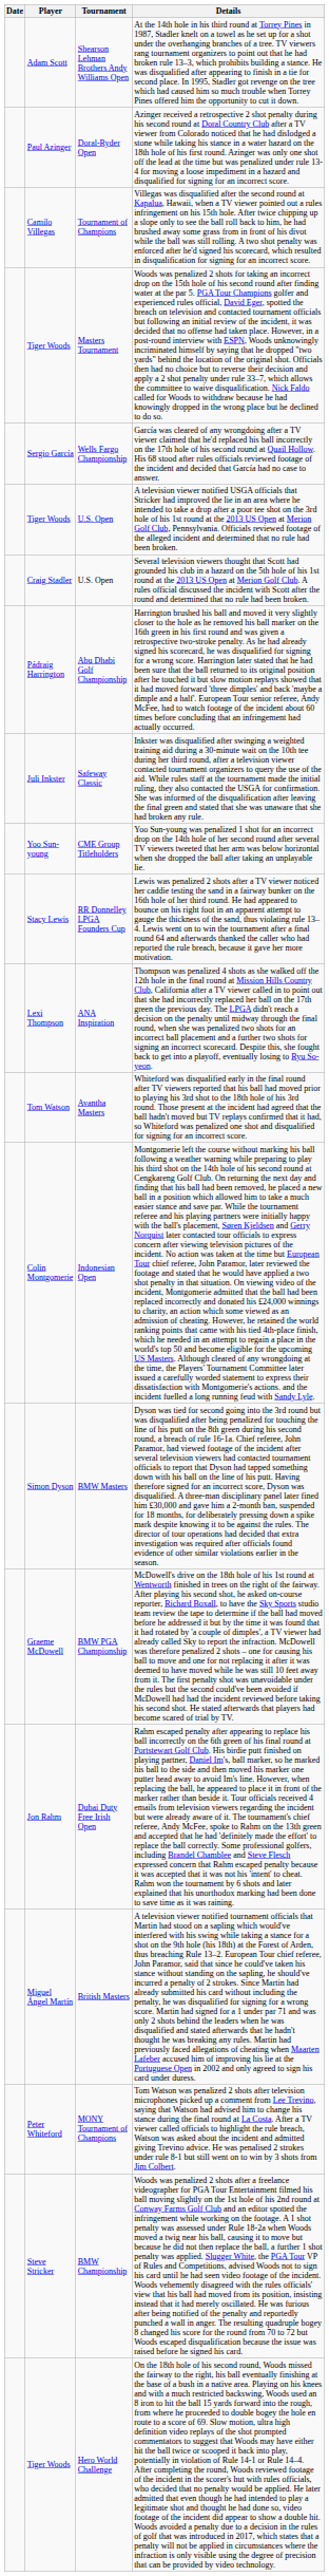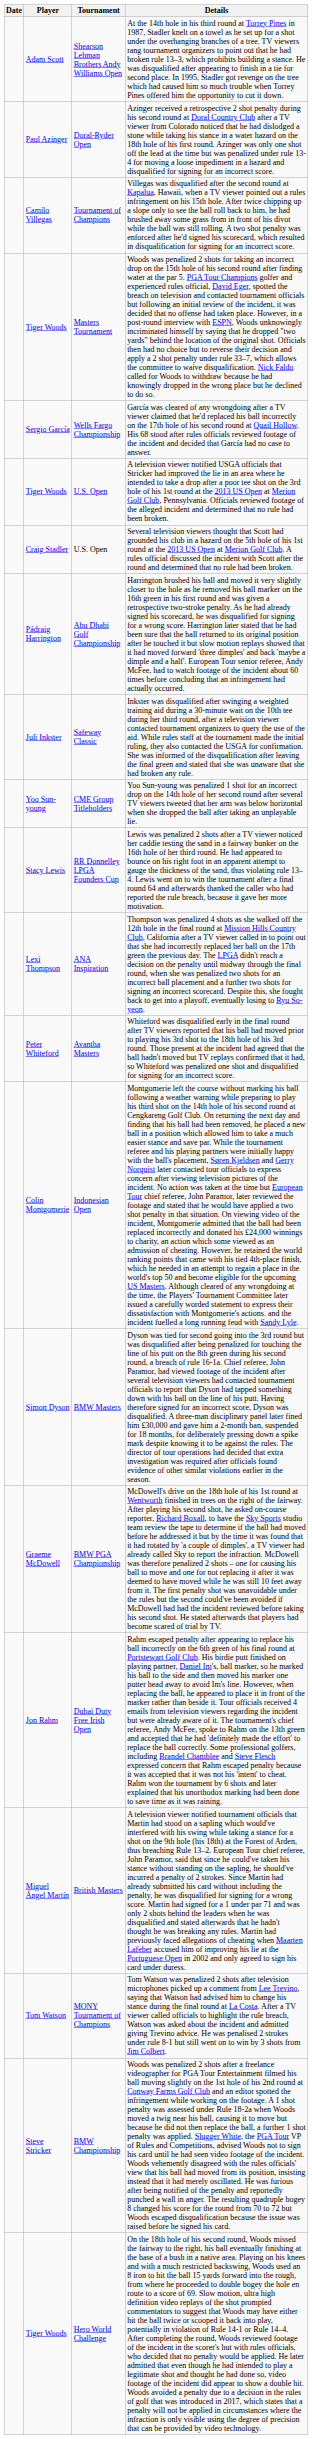 <table class="wikitable sortable">
 <tr>
 <th>Date</th>
 <th>Player</th>
 <th>Tournament</th>
 <th>Details</th>
 </tr>
 <tr>
 <td></td>
 <td><a href='#'>Adam Scott</a></td>
 <td><a href='#'>Shearson Lehman Brothers Andy Williams Open</a></td>
 <td>At the 14th hole in his third round at <a href='#'>Torrey Pines</a> in 1987, Stadler knelt on a towel as he set up for a shot under the overhanging branches of a tree. TV viewers rang tournament organizers to point out that he had broken rule 13–3, which prohibits building a stance. He was disqualified after appearing to finish in a tie for second place. In 1995, Stadler got revenge on the tree which had caused him so much trouble when Torrey Pines offered him the opportunity to cut it down.</td>
 </tr>
 <tr>
 <td></td>
 <td><a href='#'>Paul Azinger</a></td>
 <td><a href='#'>Doral-Ryder Open</a></td>
 <td>Azinger received a retrospective 2 shot penalty during his second round at <a href='#'>Doral Country Club</a> after a TV viewer from Colorado noticed that he had dislodged a stone while taking his stance in a water hazard on the 18th hole of his first round. Azinger was only one shot off the lead at the time but was penalized under rule 13-4 for moving a loose impediment in a hazard and disqualified for signing for an incorrect score.</td>
 </tr>
 <tr>
 <td></td>
 <td><a href='#'>Camilo Villegas</a></td>
 <td><a href='#'>Tournament of Champions</a></td>
 <td>Villegas was disqualified after the second round at <a href='#'>Kapalua</a>, Hawaii, when a TV viewer pointed out a rules infringement on his 15th hole. After twice chipping up a slope only to see the ball roll back to him, he had brushed away some grass from in front of his divot while the ball was still rolling. A two shot penalty was enforced after he'd signed his scorecard, which resulted in disqualification for signing for an incorrect score.</td>
 </tr>
 <tr>
 <td></td>
 <td><a href='#'>Tiger Woods</a></td>
 <td><a href='#'>Masters Tournament</a></td>
 <td>Woods was penalized 2 shots for taking an incorrect drop on the 15th hole of his second round after finding water at the par 5. <a href='#'>PGA Tour Champions</a> golfer and experienced rules official, <a href='#'>David Eger</a>, spotted the breach on television and contacted tournament officials but following an initial review of the incident, it was decided that no offense had taken place. However, in a post-round interview with <a href='#'>ESPN</a>, Woods unknowingly incriminated himself by saying that he dropped "two yards" behind the location of the original shot. Officials then had no choice but to reverse their decision and apply a 2 shot penalty under rule 33–7, which allows the committee to waive disqualification. <a href='#'>Nick Faldo</a> called for Woods to withdraw because he had knowingly dropped in the wrong place but he declined to do so.</td>
 </tr>
 <tr>
 <td></td>
 <td><a href='#'>Sergio García</a></td>
 <td><a href='#'>Wells Fargo Championship</a></td>
 <td>García was cleared of any wrongdoing after a TV viewer claimed that he'd replaced his ball incorrectly on the 17th hole of his second round at <a href='#'>Quail Hollow</a>. His 68 stood after rules officials reviewed footage of the incident and decided that García had no case to answer.</td>
 </tr>
 <tr>
 <td></td>
 <td><a href='#'>Tiger Woods</a></td>
 <td><a href='#'>U.S. Open</a></td>
 <td>A television viewer notified USGA officials that Stricker had improved the lie in an area where he intended to take a drop after a poor tee shot on the 3rd hole of his 1st round at the <a href='#'>2013 US Open</a> at <a href='#'>Merion Golf Club</a>, Pennsylvania. Officials reviewed footage of the alleged incident and determined that no rule had been broken.</td>
 </tr>
 <tr>
 <td></td>
 <td><a href='#'>Craig Stadler</a></td>
 <td>U.S. Open</td>
 <td>Several television viewers thought that Scott had grounded his club in a hazard on the 5th hole of his 1st round at the <a href='#'>2013 US Open</a> at <a href='#'>Merion Golf Club</a>. A rules official discussed the incident with Scott after the round and determined that no rule had been broken.</td>
 </tr>
 <tr>
 <td></td>
 <td><a href='#'>Pádraig Harrington</a></td>
 <td><a href='#'>Abu Dhabi Golf Championship</a></td>
 <td>Harrington brushed his ball and moved it very slightly closer to the hole as he removed his ball marker on the 16th green in his first round and was given a retrospective two-stroke penalty. As he had already signed his scorecard, he was disqualified for signing for a wrong score. Harrington later stated that he had been sure that the ball returned to its original position after he touched it but slow motion replays showed that it had moved forward 'three dimples' and back 'maybe a dimple and a half'. European Tour senior referee, Andy McFee, had to watch footage of the incident about 60 times before concluding that an infringement had actually occurred.</td>
 </tr>
 <tr>
 <td></td>
 <td><a href='#'>Juli Inkster</a></td>
 <td><a href='#'>Safeway Classic</a></td>
 <td>Inkster was disqualified after swinging a weighted training aid during a 30-minute wait on the 10th tee during her third round, after a television viewer contacted tournament organizers to query the use of the aid. While rules staff at the tournament made the initial ruling, they also contacted the USGA for confirmation. She was informed of the disqualification after leaving the final green and stated that she was unaware that she had broken any rule.</td>
 </tr>
 <tr>
 <td></td>
 <td><a href='#'>Yoo Sun-young</a></td>
 <td><a href='#'>CME Group Titleholders</a></td>
 <td>Yoo Sun-young was penalized 1 shot for an incorrect drop on the 14th hole of her second round after several TV viewers tweeted that her arm was below horizontal when she dropped the ball after taking an unplayable lie.</td>
 </tr>
 <tr>
 <td></td>
 <td><a href='#'>Stacy Lewis</a></td>
 <td><a href='#'>RR Donnelley LPGA Founders Cup</a></td>
 <td>Lewis was penalized 2 shots after a TV viewer noticed her caddie testing the sand in a fairway bunker on the 16th hole of her third round. He had appeared to bounce on his right foot in an apparent attempt to gauge the thickness of the sand, thus violating rule 13–4. Lewis went on to win the tournament after a final round 64 and afterwards thanked the caller who had reported the rule breach, because it gave her more motivation.</td>
 </tr>
 <tr>
 <td></td>
 <td><a href='#'>Lexi Thompson</a></td>
 <td><a href='#'>ANA Inspiration</a></td>
 <td>Thompson was penalized 4 shots as she walked off the 12th hole in the final round at <a href='#'>Mission Hills Country Club</a>, California after a TV viewer called in to point out that she had incorrectly replaced her ball on the 17th green the previous day. The <a href='#'>LPGA</a> didn't reach a decision on the penalty until midway through the final round, when she was penalized two shots for an incorrect ball placement and a further two shots for signing an incorrect scorecard. Despite this, she fought back to get into a playoff, eventually losing to <a href='#'>Ryu So-yeon</a>.</td>
 </tr>
 <tr>
 <td></td>
-<td><a href='#'>Tom Watson</a></td>
+<td><a href='#'>Peter Whiteford</a></td>
 <td><a href='#'>Avantha Masters</a></td>
 <td>Whiteford was disqualified early in the final round after TV viewers reported that his ball had moved prior to playing his 3rd shot to the 18th hole of his 3rd round. Those present at the incident had agreed that the ball hadn't moved but TV replays confirmed that it had, so Whiteford was penalized one shot and disqualified for signing for an incorrect score.</td>
 </tr>
 <tr>
 <td></td>
 <td><a href='#'>Colin Montgomerie</a></td>
 <td><a href='#'>Indonesian Open</a></td>
 <td>Montgomerie left the course without marking his ball following a weather warning while preparing to play his third shot on the 14th hole of his second round at Cengkareng Golf Club. On returning the next day and finding that his ball had been removed, he placed a new ball in a position which allowed him to take a much easier stance and save par. While the tournament referee and his playing partners were initially happy with the ball's placement, <a href='#'>Søren Kjeldsen</a> and <a href='#'>Gerry Norquist</a> later contacted tour officials to express concern after viewing television pictures of the incident. No action was taken at the time but <a href='#'>European Tour</a> chief referee, John Paramor, later reviewed the footage and stated that he would have applied a two shot penalty in that situation. On viewing video of the incident, Montgomerie admitted that the ball had been replaced incorrectly and donated his £24,000 winnings to charity, an action which some viewed as an admission of cheating. However, he retained the world ranking points that came with his tied 4th-place finish, which he needed in an attempt to regain a place in the world's top 50 and become eligible for the upcoming <a href='#'>US Masters</a>. Although cleared of any wrongdoing at the time, the Players' Tournament Committee later issued a carefully worded statement to express their dissatisfaction with Montgomerie's actions. and the incident fuelled a long running feud with <a href='#'>Sandy Lyle</a>.</td>
 </tr>
 <tr>
 <td></td>
 <td><a href='#'>Simon Dyson</a></td>
 <td><a href='#'>BMW Masters</a></td>
 <td>Dyson was tied for second going into the 3rd round but was disqualified after being penalized for touching the line of his putt on the 8th green during his second round, a breach of rule 16-1a. Chief referee, John Paramor, had viewed footage of the incident after several television viewers had contacted tournament officials to report that Dyson had tapped something down with his ball on the line of his putt. Having therefore signed for an incorrect score, Dyson was disqualified. A three-man disciplinary panel later fined him £30,000 and gave him a 2-month ban, suspended for 18 months, for deliberately pressing down a spike mark despite knowing it to be against the rules. The director of tour operations had decided that extra investigation was required after officials found evidence of other similar violations earlier in the season.</td>
 </tr>
 <tr>
 <td></td>
 <td><a href='#'>Graeme McDowell</a></td>
 <td><a href='#'>BMW PGA Championship</a></td>
 <td>McDowell's drive on the 18th hole of his 1st round at <a href='#'>Wentworth</a> finished in trees on the right of the fairway. After playing his second shot, he asked on-course reporter, <a href='#'>Richard Boxall</a>, to have the <a href='#'>Sky Sports</a> studio team review the tape to determine if the ball had moved before he addressed it but by the time it was found that it had rotated by 'a couple of dimples', a TV viewer had already called Sky to report the infraction. McDowell was therefore penalized 2 shots – one for causing his ball to move and one for not replacing it after it was deemed to have moved while he was still 10 feet away from it. The first penalty shot was unavoidable under the rules but the second could've been avoided if McDowell had had the incident reviewed before taking his second shot. He stated afterwards that players had become scared of trial by TV.</td>
 </tr>
 <tr>
 <td></td>
 <td><a href='#'>Jon Rahm</a></td>
 <td><a href='#'>Dubai Duty Free Irish Open</a></td>
 <td>Rahm escaped penalty after appearing to replace his ball incorrectly on the 6th green of his final round at <a href='#'>Portstewart Golf Club</a>. His birdie putt finished on playing partner, <a href='#'>Daniel Im</a>'s, ball marker, so he marked his ball to the side and then moved his marker one putter head away to avoid Im's line. However, when replacing the ball, he appeared to place it in front of the marker rather than beside it. Tour officials received 4 emails from television viewers regarding the incident but were already aware of it. The tournament's chief referee, Andy McFee, spoke to Rahm on the 13th green and accepted that he had 'definitely made the effort' to replace the ball correctly. Some professional golfers, including <a href='#'>Brandel Chamblee</a> and <a href='#'>Steve Flesch</a> expressed concern that Rahm escaped penalty because it was accepted that it was not his 'intent' to cheat. Rahm won the tournament by 6 shots and later explained that his unorthodox marking had been done to save time as it was raining.</td>
 </tr>
 <tr>
 <td></td>
 <td><a href='#'>Miguel Ángel Martín</a></td>
 <td><a href='#'>British Masters</a></td>
 <td>A television viewer notified tournament officials that Martin had stood on a sapling which would've interfered with his swing while taking a stance for a shot on the 9th hole (his 18th) at the Forest of Arden, thus breaching Rule 13–2. European Tour chief referee, John Paramor, said that since he could've taken his stance without standing on the sapling, he should've incurred a penalty of 2 strokes. Since Martin had already submitted his card without including the penalty, he was disqualified for signing for a wrong score. Martin had signed for a 1 under par 71 and was only 2 shots behind the leaders when he was disqualified and stated afterwards that he hadn't thought he was breaking any rules. Martin had previously faced allegations of cheating when <a href='#'>Maarten Lafeber</a> accused him of improving his lie at the <a href='#'>Portuguese Open</a> in 2002 and only agreed to sign his card under duress.</td>
 </tr>
 <tr>
 <td></td>
-<td><a href='#'>Peter Whiteford</a></td>
+<td><a href='#'>Tom Watson</a></td>
 <td><a href='#'>MONY Tournament of Champions</a></td>
 <td>Tom Watson was penalized 2 shots after television microphones picked up a comment from <a href='#'>Lee Trevino</a>, saying that Watson had advised him to change his stance during the final round at <a href='#'>La Costa</a>. After a TV viewer called officials to highlight the rule breach, Watson was asked about the incident and admitted giving Trevino advice. He was penalised 2 strokes under rule 8-1 but still went on to win by 3 shots from <a href='#'>Jim Colbert</a>.</td>
 </tr>
 <tr>
 <td></td>
 <td><a href='#'>Steve Stricker</a></td>
 <td><a href='#'>BMW Championship</a></td>
 <td>Woods was penalized 2 shots after a freelance videographer for PGA Tour Entertainment filmed his ball moving slightly on the 1st hole of his 2nd round at <a href='#'>Conway Farms Golf Club</a> and an editor spotted the infringement while working on the footage. A 1 shot penalty was assessed under Rule 18-2a when Woods moved a twig near his ball, causing it to move but because he did not then replace the ball, a further 1 shot penalty was applied. <a href='#'>Slugger White</a>, the <a href='#'>PGA Tour</a> VP of Rules and Competitions, advised Woods not to sign his card until he had seen video footage of the incident. Woods vehemently disagreed with the rules officials' view that his ball had moved from its position, insisting instead that it had merely oscillated. He was furious after being notified of the penalty and reportedly punched a wall in anger. The resulting quadruple bogey 8 changed his score for the round from 70 to 72 but Woods escaped disqualification because the issue was raised before he signed his card.</td>
 </tr>
 <tr>
 <td></td>
 <td><a href='#'>Tiger Woods</a></td>
 <td><a href='#'>Hero World Challenge</a></td>
 <td>On the 18th hole of his second round, Woods missed the fairway to the right, his ball eventually finishing at the base of a bush in a native area. Playing on his knees and with a much restricted backswing, Woods used an 8 iron to hit the ball 15 yards forward into the rough, from where he proceeded to double bogey the hole en route to a score of 69. Slow motion, ultra high definition video replays of the shot prompted commentators to suggest that Woods may have either hit the ball twice or scooped it back into play, potentially in violation of Rule 14-1 or Rule 14–4. After completing the round, Woods reviewed footage of the incident in the scorer's hut with rules officials, who decided that no penalty would be applied. He later admitted that even though he had intended to play a legitimate shot and thought he had done so, video footage of the incident did appear to show a double hit. Woods avoided a penalty due to a decision in the rules of golf that was introduced in 2017, which states that a penalty will not be applied in circumstances where the infraction is only visible using the degree of precision that can be provided by video technology.</td>
 </tr>
 </table>
